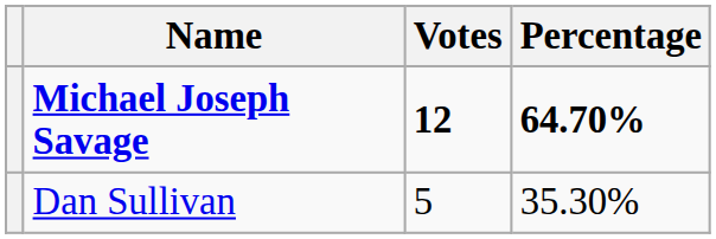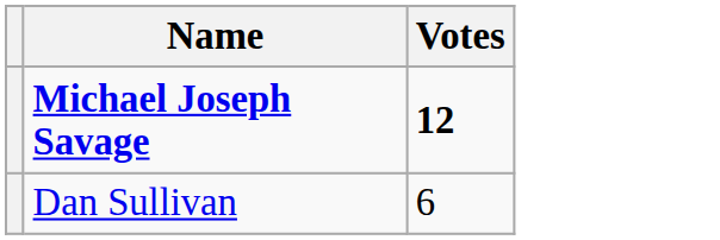 <table class="wikitable">
 <tr>
 <th></th>
 <th>Name</th>
 <th>Votes</th>
-<th>Percentage</th>
 </tr>
 <tr>
 <th style="background-color: "></th>
 <td width="150"><strong><a href='#'>Michael Joseph Savage</a></strong></td>
 <td><strong>12</strong></td>
-<td><strong>64.70%</strong></td>
 </tr>
 <tr>
 <th style="background-color: "></th>
 <td><a href='#'>Dan Sullivan</a></td>
-<td>5</td>
-<td>35.30%</td>
+<td>6</td>
 </tr>
 </table>
